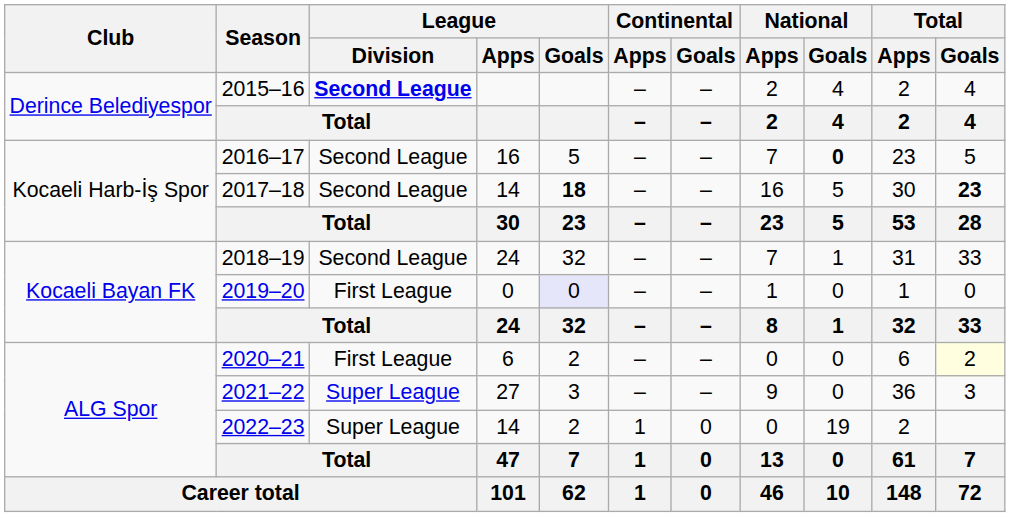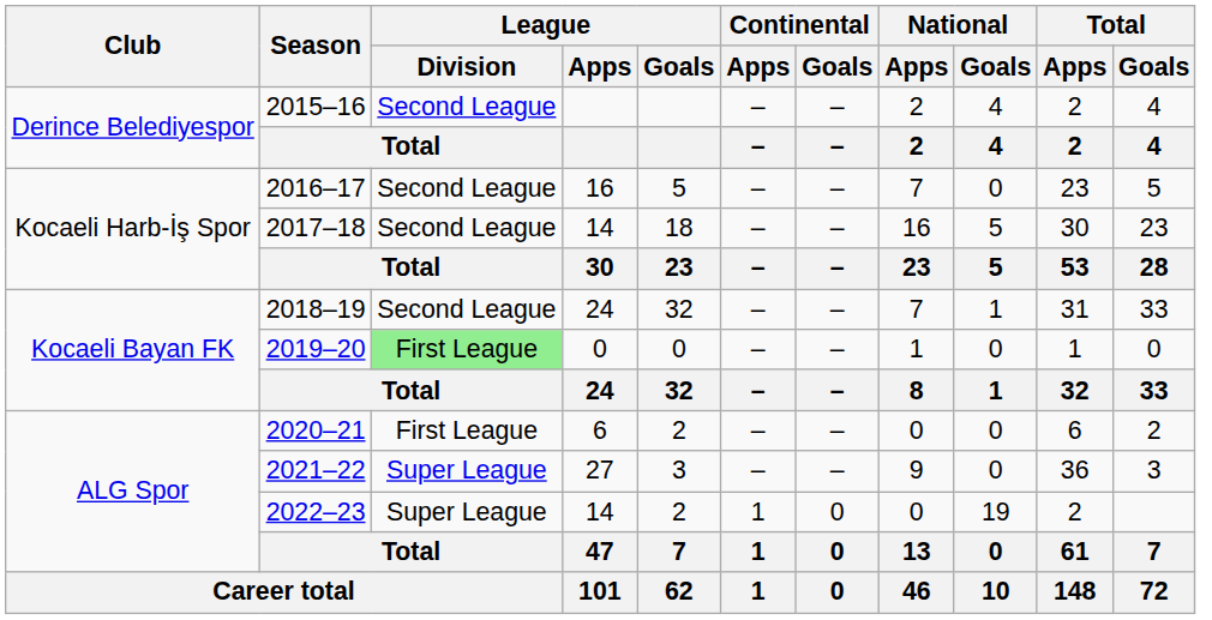 <table class="wikitable" style="text-align: center;">
 <tr>
 <th rowspan=2>Club</th>
 <th rowspan=2>Season</th>
 <th colspan=3>League</th>
 <th colspan=2>Continental</th>
 <th colspan=2>National</th>
 <th colspan=2>Total</th>
 </tr>
 <tr>
 <th>Division</th>
 <th>Apps</th>
 <th>Goals</th>
 <th>Apps</th>
 <th>Goals</th>
 <th>Apps</th>
 <th>Goals</th>
 <th>Apps</th>
 <th>Goals</th>
 </tr>
 <tr>
 <td rowspan=2><a href='#'>Derince Belediyespor</a></td>
 <td>2015–16</td>
-<td><strong><a href='#'>Second League</a></strong></td>
+<td><a href='#'>Second League</a></td>
 <td></td>
 <td></td>
 <td>–</td>
 <td>–</td>
 <td>2</td>
 <td>4</td>
 <td>2</td>
 <td>4</td>
 </tr>
 <tr>
 <th colspan="2">Total</th>
 <th></th>
 <th></th>
 <th>–</th>
 <th>–</th>
 <th>2</th>
 <th>4</th>
 <th>2</th>
 <th>4</th>
 </tr>
 <tr>
 <td rowspan=3>Kocaeli Harb-İş Spor</td>
 <td>2016–17</td>
 <td>Second League</td>
 <td>16</td>
 <td>5</td>
 <td>–</td>
 <td>–</td>
 <td>7</td>
-<td><strong>0</strong></td>
+<td>0</td>
 <td>23</td>
 <td>5</td>
 </tr>
 <tr>
 <td>2017–18</td>
 <td>Second League</td>
 <td>14</td>
-<td><strong>18</strong></td>
+<td>18</td>
 <td>–</td>
 <td>–</td>
 <td>16</td>
 <td>5</td>
 <td>30</td>
-<td><strong>23</strong></td>
+<td>23</td>
 </tr>
 <tr>
 <th colspan="2">Total</th>
 <th>30</th>
 <th>23</th>
 <th>–</th>
 <th>–</th>
 <th>23</th>
 <th>5</th>
 <th>53</th>
 <th>28</th>
 </tr>
 <tr>
 <td rowspan=3><a href='#'>Kocaeli Bayan FK</a></td>
 <td>2018–19</td>
 <td>Second League</td>
 <td>24</td>
 <td>32</td>
 <td>–</td>
 <td>–</td>
 <td>7</td>
 <td>1</td>
 <td>31</td>
 <td>33</td>
 </tr>
 <tr>
 <td><a href='#'>2019–20</a></td>
-<td>First League</td>
+<td style="background: lightgreen;">First League</td>
 <td>0</td>
-<td style="background: lavender;">0</td>
+<td>0</td>
 <td>–</td>
 <td>–</td>
 <td>1</td>
 <td>0</td>
 <td>1</td>
 <td>0</td>
 </tr>
 <tr>
 <th colspan="2">Total</th>
 <th>24</th>
 <th>32</th>
 <th>–</th>
 <th>–</th>
 <th>8</th>
 <th>1</th>
 <th>32</th>
 <th>33</th>
 </tr>
 <tr>
 <td rowspan=4><a href='#'>ALG Spor</a></td>
 <td><a href='#'>2020–21</a></td>
 <td>First League</td>
 <td>6</td>
 <td>2</td>
 <td>–</td>
 <td>–</td>
 <td>0</td>
 <td>0</td>
 <td>6</td>
-<td style="background: lightyellow;">2</td>
+<td>2</td>
 </tr>
 <tr>
 <td><a href='#'>2021–22</a></td>
 <td><a href='#'>Super League</a></td>
 <td>27</td>
 <td>3</td>
 <td>–</td>
 <td>–</td>
 <td>9</td>
 <td>0</td>
 <td>36</td>
 <td>3</td>
 </tr>
 <tr>
 <td><a href='#'>2022–23</a></td>
 <td>Super League</td>
 <td>14</td>
 <td>2</td>
 <td>1</td>
 <td>0</td>
 <td 4>0</td>
 <td>19</td>
 <td>2</td>
 </tr>
 <tr>
 <th colspan="2">Total</th>
 <th>47</th>
 <th>7</th>
 <th>1</th>
 <th>0</th>
 <th>13</th>
 <th>0</th>
 <th>61</th>
 <th>7</th>
 </tr>
 <tr>
 <th colspan=3>Career total</th>
 <th>101</th>
 <th>62</th>
 <th>1</th>
 <th>0</th>
 <th>46</th>
 <th>10</th>
 <th>148</th>
 <th>72</th>
 </tr>
 </table>
